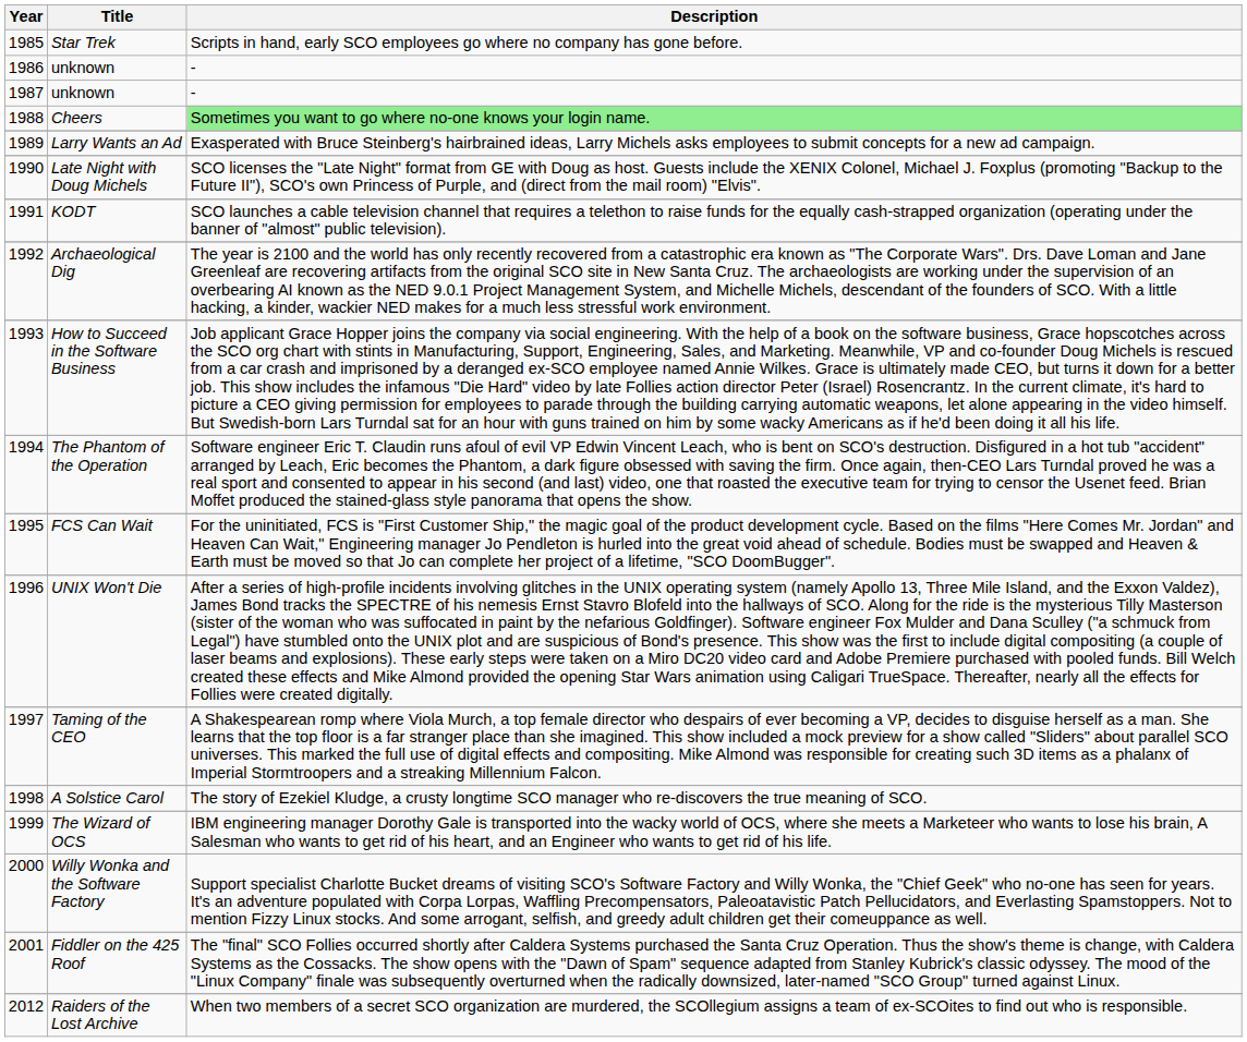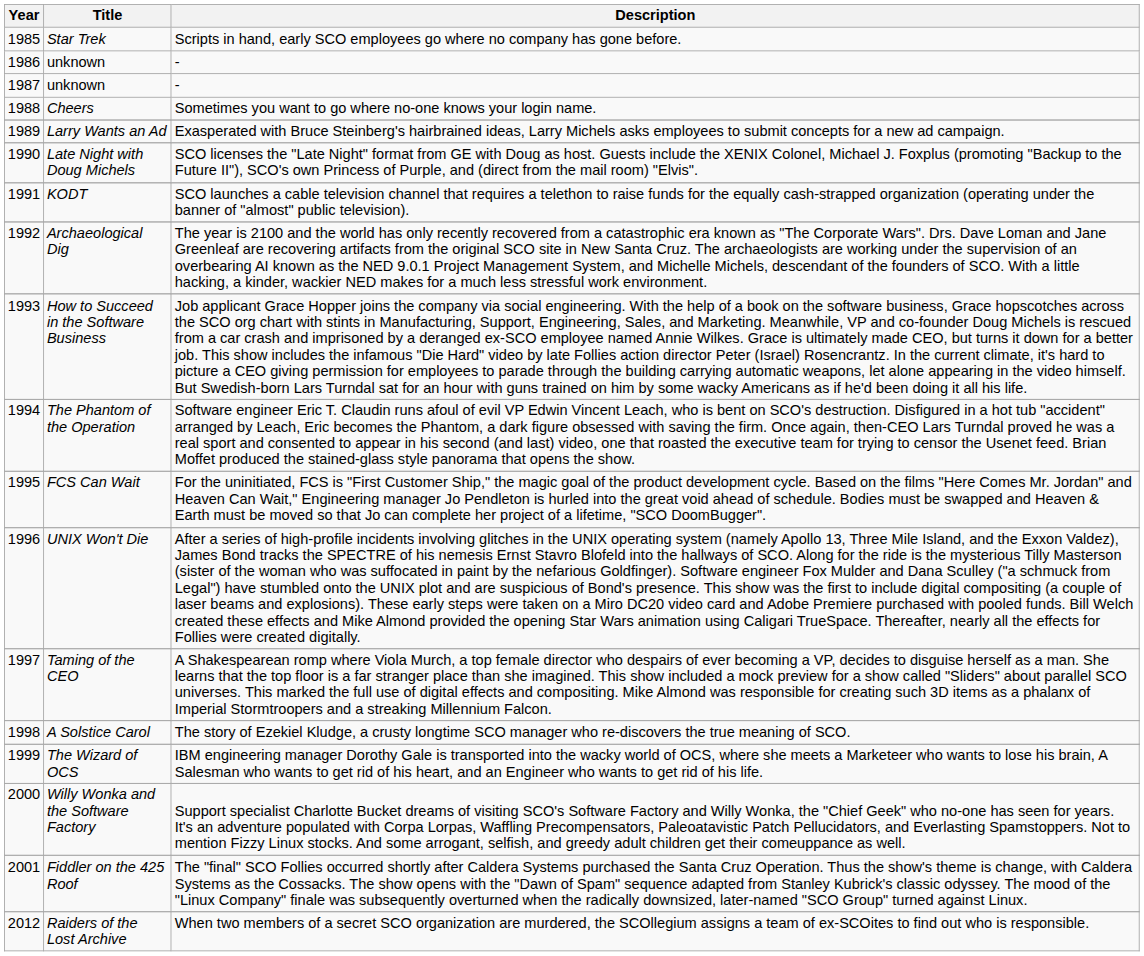 <table class="wikitable">
 <tr>
 <th>Year</th>
 <th>Title</th>
 <th>Description</th>
 </tr>
 <tr>
 <td>1985</td>
 <td><em>Star Trek</em></td>
 <td>Scripts in hand, early SCO employees go where no company has gone before.</td>
 </tr>
 <tr>
 <td>1986</td>
 <td>unknown</td>
 <td>-</td>
 </tr>
 <tr>
 <td>1987</td>
 <td>unknown</td>
 <td>-</td>
 </tr>
 <tr>
 <td>1988</td>
 <td><em>Cheers</em></td>
-<td style="background: lightgreen;">Sometimes you want to go where no-one knows your login name.</td>
+<td>Sometimes you want to go where no-one knows your login name.</td>
 </tr>
 <tr>
 </tr>
 <tr valign="top">
 <td>1989</td>
 <td><em>Larry Wants an Ad</em></td>
 <td>Exasperated with Bruce Steinberg's hairbrained ideas, Larry Michels asks employees to submit concepts for a new ad campaign.</td>
 </tr>
 <tr>
 </tr>
 <tr valign="top">
 <td>1990</td>
 <td><em>Late Night with Doug Michels</em></td>
 <td>SCO licenses the "Late Night" format from GE with Doug as host. Guests include the XENIX Colonel, Michael J. Foxplus (promoting "Backup to the Future II"), SCO's own Princess of Purple, and (direct from the mail room) "Elvis".</td>
 </tr>
 <tr>
 </tr>
 <tr valign="top">
 <td>1991</td>
 <td><em>KODT</em></td>
 <td>SCO launches a cable television channel that requires a telethon to raise funds for the equally cash-strapped organization (operating under the banner of "almost" public television).</td>
 </tr>
 <tr>
 </tr>
 <tr valign="top">
 <td>1992</td>
 <td><em>Archaeological Dig</em></td>
 <td>The year is 2100 and the world has only recently recovered from a catastrophic era known as "The Corporate Wars". Drs. Dave Loman and Jane Greenleaf are recovering artifacts from the original SCO site in New Santa Cruz. The archaeologists are working under the supervision of an overbearing AI known as the NED 9.0.1 Project Management System, and Michelle Michels, descendant of the founders of SCO. With a little hacking, a kinder, wackier NED makes for a much less stressful work environment.</td>
 </tr>
 <tr>
 </tr>
 <tr valign="top">
 <td>1993</td>
 <td><em>How to Succeed in the Software Business</em></td>
 <td>Job applicant Grace Hopper joins the company via social engineering. With the help of a book on the software business, Grace hopscotches across the SCO org chart with stints in Manufacturing, Support, Engineering, Sales, and Marketing. Meanwhile, VP and co-founder Doug Michels is rescued from a car crash and imprisoned by a deranged ex-SCO employee named Annie Wilkes. Grace is ultimately made CEO, but turns it down for a better job. This show includes the infamous "Die Hard" video by late Follies action director Peter (Israel) Rosencrantz. In the current climate, it's hard to picture a CEO giving permission for employees to parade through the building carrying automatic weapons, let alone appearing in the video himself. But Swedish-born Lars Turndal sat for an hour with guns trained on him by some wacky Americans as if he'd been doing it all his life.</td>
 </tr>
 <tr>
 </tr>
 <tr valign="top">
 <td>1994</td>
 <td><em>The Phantom of the Operation</em></td>
 <td>Software engineer Eric T. Claudin runs afoul of evil VP Edwin Vincent Leach, who is bent on SCO's destruction. Disfigured in a hot tub "accident" arranged by Leach, Eric becomes the Phantom, a dark figure obsessed with saving the firm. Once again, then-CEO Lars Turndal proved he was a real sport and consented to appear in his second (and last) video, one that roasted the executive team for trying to censor the Usenet feed. Brian Moffet produced the stained-glass style panorama that opens the show.</td>
 </tr>
 <tr>
 </tr>
 <tr valign="top">
 <td>1995</td>
 <td><em>FCS Can Wait</em></td>
 <td>For the uninitiated, FCS is "First Customer Ship," the magic goal of the product development cycle. Based on the films "Here Comes Mr. Jordan" and Heaven Can Wait," Engineering manager Jo Pendleton is hurled into the great void ahead of schedule. Bodies must be swapped and Heaven & Earth must be moved so that Jo can complete her project of a lifetime, "SCO DoomBugger".</td>
 </tr>
 <tr>
 </tr>
 <tr valign="top">
 <td>1996</td>
 <td><em>UNIX Won't Die</em></td>
 <td>After a series of high-profile incidents involving glitches in the UNIX operating system (namely Apollo 13, Three Mile Island, and the Exxon Valdez), James Bond tracks the SPECTRE of his nemesis Ernst Stavro Blofeld into the hallways of SCO. Along for the ride is the mysterious Tilly Masterson (sister of the woman who was suffocated in paint by the nefarious Goldfinger). Software engineer Fox Mulder and Dana Sculley ("a schmuck from Legal") have stumbled onto the UNIX plot and are suspicious of Bond's presence.  This show was the first to include digital compositing (a couple of laser beams and explosions). These early steps were taken on a Miro DC20 video card and Adobe Premiere purchased with pooled funds. Bill Welch created these effects and Mike Almond provided the opening Star Wars animation using Caligari TrueSpace. Thereafter, nearly all the effects for Follies were created digitally.</td>
 </tr>
 <tr>
 </tr>
 <tr valign="top">
 <td>1997</td>
 <td><em>Taming of the CEO</em></td>
 <td>A Shakespearean romp where Viola Murch, a top female director who despairs of ever becoming a VP, decides to disguise herself as a man. She learns that the top floor is a far stranger place than she imagined. This show included a mock preview for a show called "Sliders" about parallel SCO universes. This marked the full use of digital effects and compositing. Mike Almond was responsible for creating such 3D items as a phalanx of Imperial Stormtroopers and a streaking Millennium Falcon.</td>
 </tr>
 <tr>
 </tr>
 <tr valign="top">
 <td>1998</td>
 <td><em>A Solstice Carol</em></td>
 <td>The story of Ezekiel Kludge, a crusty longtime SCO manager who re-discovers the true meaning of SCO.</td>
 </tr>
 <tr>
 </tr>
 <tr valign="top">
 <td>1999</td>
 <td><em>The Wizard of OCS</em></td>
 <td>IBM engineering manager Dorothy Gale is transported into the wacky world of OCS, where she meets a Marketeer who wants to lose his brain, A Salesman who wants to get rid of his heart, and an Engineer who wants to get rid of his life.</td>
 </tr>
 <tr>
 </tr>
 <tr valign="top">
 <td>2000</td>
 <td><em>Willy Wonka and the Software Factory</em></td>
 <td><br>Support specialist Charlotte Bucket dreams of visiting SCO's Software Factory and Willy Wonka, the "Chief Geek" who no-one has seen for years. It's an adventure populated with Corpa Lorpas, Waffling Precompensators, Paleoatavistic Patch Pellucidators, and Everlasting Spamstoppers. Not to mention Fizzy Linux stocks. And some arrogant, selfish, and greedy adult children get their comeuppance as well.</td>
 </tr>
 <tr>
 </tr>
 <tr valign="top">
 <td>2001</td>
 <td><em>Fiddler on the 425 Roof</em></td>
 <td>The "final" SCO Follies occurred shortly after Caldera Systems purchased the Santa Cruz Operation. Thus the show's theme is change, with Caldera Systems as the Cossacks. The show opens with the "Dawn of Spam" sequence adapted from Stanley Kubrick's classic odyssey. The mood of the "Linux Company" finale was subsequently overturned when the radically downsized, later-named "SCO Group" turned against Linux.</td>
 </tr>
 <tr>
 </tr>
 <tr valign="top">
 <td>2012</td>
 <td><em>Raiders of the Lost Archive</em></td>
 <td>When two members of a secret SCO organization are murdered, the SCOllegium assigns a team of ex-SCOites to find out who is responsible.</td>
 </tr>
 </table>
